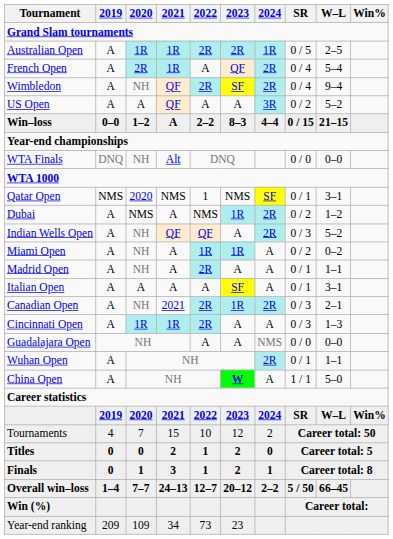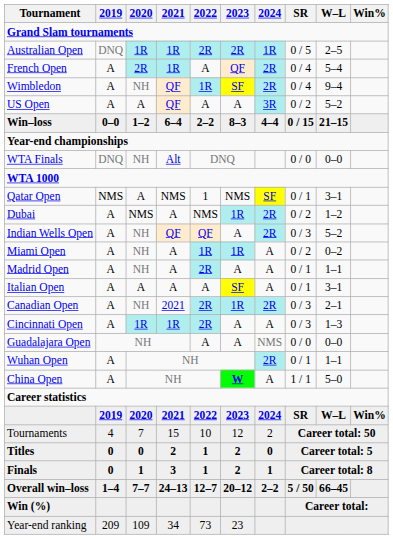 <table class=wikitable style=text-align:center>
 <tr>
 <th>Tournament</th>
 <th><a href='#'>2019</a></th>
 <th><a href='#'>2020</a></th>
 <th><a href='#'>2021</a></th>
 <th><a href='#'>2022</a></th>
 <th><a href='#'>2023</a></th>
 <th><a href='#'>2024</a></th>
 <th>SR</th>
 <th>W–L</th>
 <th>Win%</th>
 </tr>
 <tr>
 <td colspan="10" style="text-align:left"><strong><a href='#'>Grand Slam tournaments</a></strong></td>
 </tr>
 <tr>
 <td style=text-align:left><a href='#'>Australian Open</a></td>
-<td>A</td>
+<td style=color:#767676>DNQ</td>
 <td style=background:#afeeee><a href='#'>1R</a></td>
 <td style=background:#afeeee><a href='#'>1R</a></td>
 <td style=background:#afeeee><a href='#'>2R</a></td>
 <td style=background:#afeeee><a href='#'>2R</a></td>
 <td style=background:#afeeee><a href='#'>1R</a></td>
 <td>0 / 5</td>
 <td>2–5</td>
 <td></td>
 </tr>
 <tr>
 <td style=text-align:left><a href='#'>French Open</a></td>
 <td>A</td>
 <td style=background:#afeeee><a href='#'>2R</a></td>
 <td style=background:#afeeee><a href='#'>1R</a></td>
 <td>A</td>
 <td style=background:#ffebcd><a href='#'>QF</a></td>
 <td style=background:#afeeee><a href='#'>2R</a></td>
 <td>0 / 4</td>
 <td>5–4</td>
 <td></td>
 </tr>
 <tr>
 <td style=text-align:left><a href='#'>Wimbledon</a></td>
 <td>A</td>
 <td style=color:#767676>NH</td>
 <td style=background:#ffebcd><a href='#'>QF</a></td>
-<td style=background:#afeeee><a href='#'>2R</a></td>
+<td style="background:#afeeee"><a href='#'>1R</a></td>
 <td style=background:yellow><a href='#'>SF</a></td>
 <td style=background:#afeeee><a href='#'>2R</a></td>
 <td>0 / 4</td>
 <td>9–4</td>
 <td></td>
 </tr>
 <tr>
 <td style=text-align:left><a href='#'>US Open</a></td>
 <td>A</td>
 <td>A</td>
 <td style=background:#ffebcd><a href='#'>QF</a></td>
 <td>A</td>
 <td>A</td>
 <td style=background:#afeeee><a href='#'>3R</a></td>
 <td>0 / 2</td>
 <td>5–2</td>
 <td></td>
 </tr>
 <tr style=background:#efefef;font-weight:bold>
 <td style=text-align:left>Win–loss</td>
 <td>0–0</td>
 <td>1–2</td>
-<td>A</td>
+<td>6–4</td>
 <td>2–2</td>
 <td>8–3</td>
 <td>4–4</td>
 <td>0 / 15</td>
 <td>21–15</td>
 <td></td>
 </tr>
 <tr>
 <td colspan="10" style="text-align:left"><strong>Year-end championships</strong></td>
 </tr>
 <tr>
 <td style=text-align:left><a href='#'>WTA Finals</a></td>
 <td style=color:#767676>DNQ</td>
 <td style=color:#767676>NH</td>
 <td><a href='#'>Alt</a></td>
 <td colspan="2" style="color:#767676">DNQ</td>
 <td></td>
 <td>0 / 0</td>
 <td>0–0</td>
 <td></td>
 </tr>
 <tr>
 <td colspan="10" style="text-align:left"><strong><a href='#'>WTA 1000</a></strong></td>
 </tr>
 <tr>
 <td style="text-align:left"><a href='#'>Qatar Open</a></td>
 <td =style="color:#767676">NMS</td>
-<td><a href='#'>2020</a></td>
+<td>A</td>
 <td =style="color:#767676">NMS</td>
 <td>1</td>
 <td =style="color:#767676">NMS</td>
 <td style="background:yellow"><a href='#'>SF</a></td>
 <td>0 / 1</td>
 <td>3–1</td>
 <td></td>
 </tr>
 <tr>
 <td style="text-align:left"><a href='#'>Dubai</a></td>
 <td>A</td>
 <td =style="color:#767676">NMS</td>
 <td>A</td>
 <td =style="color:#767676">NMS</td>
 <td style="background:#afeeee"><a href='#'>1R</a></td>
 <td style="background:#afeeee"><a href='#'>2R</a></td>
 <td>0 / 2</td>
 <td>1–2</td>
 <td></td>
 </tr>
 <tr>
 <td style="text-align:left"><a href='#'>Indian Wells Open</a></td>
 <td>A</td>
 <td style="color:#767676">NH</td>
 <td style="background:#ffebcd"><a href='#'>QF</a></td>
 <td style="background:#ffebcd"><a href='#'>QF</a></td>
 <td>A</td>
 <td style="background:#afeeee"><a href='#'>2R</a></td>
 <td>0 / 3</td>
 <td>5–2</td>
 <td></td>
 </tr>
 <tr>
 <td style="text-align:left"><a href='#'>Miami Open</a></td>
 <td>A</td>
 <td style="color:#767676">NH</td>
 <td>A</td>
 <td style="background:#afeeee"><a href='#'>1R</a></td>
 <td style="background:#afeeee"><a href='#'>1R</a></td>
 <td>A</td>
 <td>0 / 2</td>
 <td>0–2</td>
 <td></td>
 </tr>
 <tr>
 <td style="text-align:left"><a href='#'>Madrid Open</a></td>
 <td>A</td>
 <td style="color:#767676">NH</td>
 <td>A</td>
 <td style="background:#afeeee"><a href='#'>2R</a></td>
 <td>A</td>
 <td>A</td>
 <td>0 / 1</td>
 <td>1–1</td>
 <td></td>
 </tr>
 <tr>
 <td style="text-align:left"><a href='#'>Italian Open</a></td>
 <td>A</td>
 <td>A</td>
 <td>A</td>
 <td>A</td>
 <td style="background:yellow"><a href='#'>SF</a></td>
 <td>A</td>
 <td>0 / 1</td>
 <td>3–1</td>
 <td></td>
 </tr>
 <tr>
 <td style="text-align:left"><a href='#'>Canadian Open</a></td>
 <td>A</td>
 <td style="color:#767676">NH</td>
 <td><a href='#'>2021</a></td>
 <td style="background:#afeeee"><a href='#'>2R</a></td>
 <td style="background:#afeeee"><a href='#'>1R</a></td>
 <td style="background:#afeeee"><a href='#'>2R</a></td>
 <td>0 / 3</td>
 <td>2–1</td>
 <td></td>
 </tr>
 <tr>
 <td style="text-align:left"><a href='#'>Cincinnati Open</a></td>
 <td>A</td>
 <td style="background:#afeeee"><a href='#'>1R</a></td>
 <td style="background:#afeeee"><a href='#'>1R</a></td>
 <td style="background:#afeeee"><a href='#'>2R</a></td>
 <td>A</td>
 <td>A</td>
 <td>0 / 3</td>
 <td>1–3</td>
 <td></td>
 </tr>
 <tr>
 <td style="text-align:left"><a href='#'>Guadalajara Open</a></td>
 <td colspan="3" style="color:#767676">NH</td>
 <td>A</td>
 <td>A</td>
 <td style="color:#767676">NMS</td>
 <td>0 / 0</td>
 <td>0–0</td>
 <td></td>
 </tr>
 <tr>
 <td style="text-align:left"><a href='#'>Wuhan Open</a></td>
 <td>A</td>
 <td colspan="4" style="color:#767676">NH</td>
 <td style=background:#afeeee><a href='#'>2R</a></td>
 <td>0 / 1</td>
 <td>1–1</td>
 <td></td>
 </tr>
 <tr>
 <td style="text-align:left"><a href='#'>China Open</a></td>
 <td>A</td>
 <td colspan="3" style="color:#767676">NH</td>
 <td style="background:lime"><strong><a href='#'>W</a></strong></td>
 <td>A</td>
 <td>1 / 1</td>
 <td>5–0</td>
 <td></td>
 </tr>
 <tr>
 <td colspan="10" style="text-align:left"><strong>Career statistics</strong></td>
 </tr>
 <tr style="background:#efefef;font-weight:bold">
 <td></td>
 <td><a href='#'>2019</a></td>
 <td><a href='#'>2020</a></td>
 <td><a href='#'>2021</a></td>
 <td><a href='#'>2022</a></td>
 <td><a href='#'>2023</a></td>
 <td><a href='#'>2024</a></td>
 <td>SR</td>
 <td>W–L</td>
 <td>Win%</td>
 </tr>
 <tr style="background:#efefef">
 <td style="text-align:left">Tournaments</td>
 <td>4</td>
 <td>7</td>
 <td>15</td>
 <td>10</td>
 <td>12</td>
 <td>2</td>
 <td colspan="3"><strong>Career total: 50</strong></td>
 </tr>
 <tr style="background:#efefef;font-weight:bold">
 <td style="text-align:left">Titles</td>
 <td>0</td>
 <td>0</td>
 <td>2</td>
 <td>1</td>
 <td>2</td>
 <td>0</td>
 <td colspan="3">Career total: 5</td>
 </tr>
 <tr style="background:#efefef;font-weight:bold">
 <td style="text-align:left">Finals</td>
 <td>0</td>
 <td>1</td>
 <td>3</td>
 <td>1</td>
 <td>2</td>
 <td>1</td>
 <td colspan="3">Career total: 8</td>
 </tr>
 <tr style="background:#efefef;font-weight:bold">
 <td style="text-align:left">Overall win–loss</td>
 <td>1–4</td>
 <td>7–7</td>
 <td>24–13</td>
 <td>12–7</td>
 <td>20–12</td>
 <td>2–2</td>
 <td>5 / 50</td>
 <td>66–45</td>
 <td></td>
 </tr>
 <tr style="background:#efefef;font-weight:bold">
 <td style="text-align:left">Win (%)</td>
 <td></td>
 <td></td>
 <td></td>
 <td></td>
 <td></td>
 <td></td>
 <td colspan="3">Career total: </td>
 </tr>
 <tr style="background:#efefef">
 <td style="text-align:left">Year-end ranking</td>
 <td>209</td>
 <td>109</td>
 <td>34</td>
 <td>73</td>
 <td>23</td>
 <td></td>
 <td colspan="3"></td>
 </tr>
 </table>
